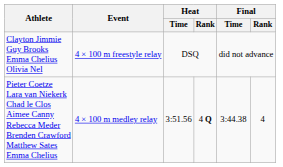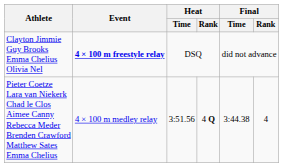 <table class=wikitable style=font-size:90%>
 <tr>
 <th rowspan=2>Athlete</th>
 <th rowspan=2>Event</th>
 <th colspan=2>Heat</th>
 <th colspan=2>Final</th>
 </tr>
 <tr style=font-size:95%>
 <th>Time</th>
 <th>Rank</th>
 <th>Time</th>
 <th>Rank</th>
 </tr>
 <tr align=center>
 <td align=left><a href='#'>Clayton Jimmie</a><br><a href='#'>Guy Brooks</a><br><a href='#'>Emma Chelius</a><br><a href='#'>Olivia Nel</a></td>
-<td align=left><a href='#'>4 × 100 m freestyle relay</a></td>
+<td align=left><strong><a href='#'>4 × 100 m freestyle relay</a></strong></td>
 <td colspan=2>DSQ</td>
 <td colspan=2>did not advance</td>
 </tr>
 <tr align=center>
 <td align=left><a href='#'>Pieter Coetze</a><br><a href='#'>Lara van Niekerk</a><br><a href='#'>Chad le Clos</a><br><a href='#'>Aimee Canny</a><br><a href='#'>Rebecca Meder</a><br><a href='#'>Brenden Crawford</a><br><a href='#'>Matthew Sates</a><br><a href='#'>Emma Chelius</a></td>
 <td align=left><a href='#'>4 × 100 m medley relay</a></td>
 <td>3:51.56</td>
 <td>4 <strong>Q</strong></td>
 <td>3:44.38</td>
 <td>4</td>
 </tr>
 </table>
